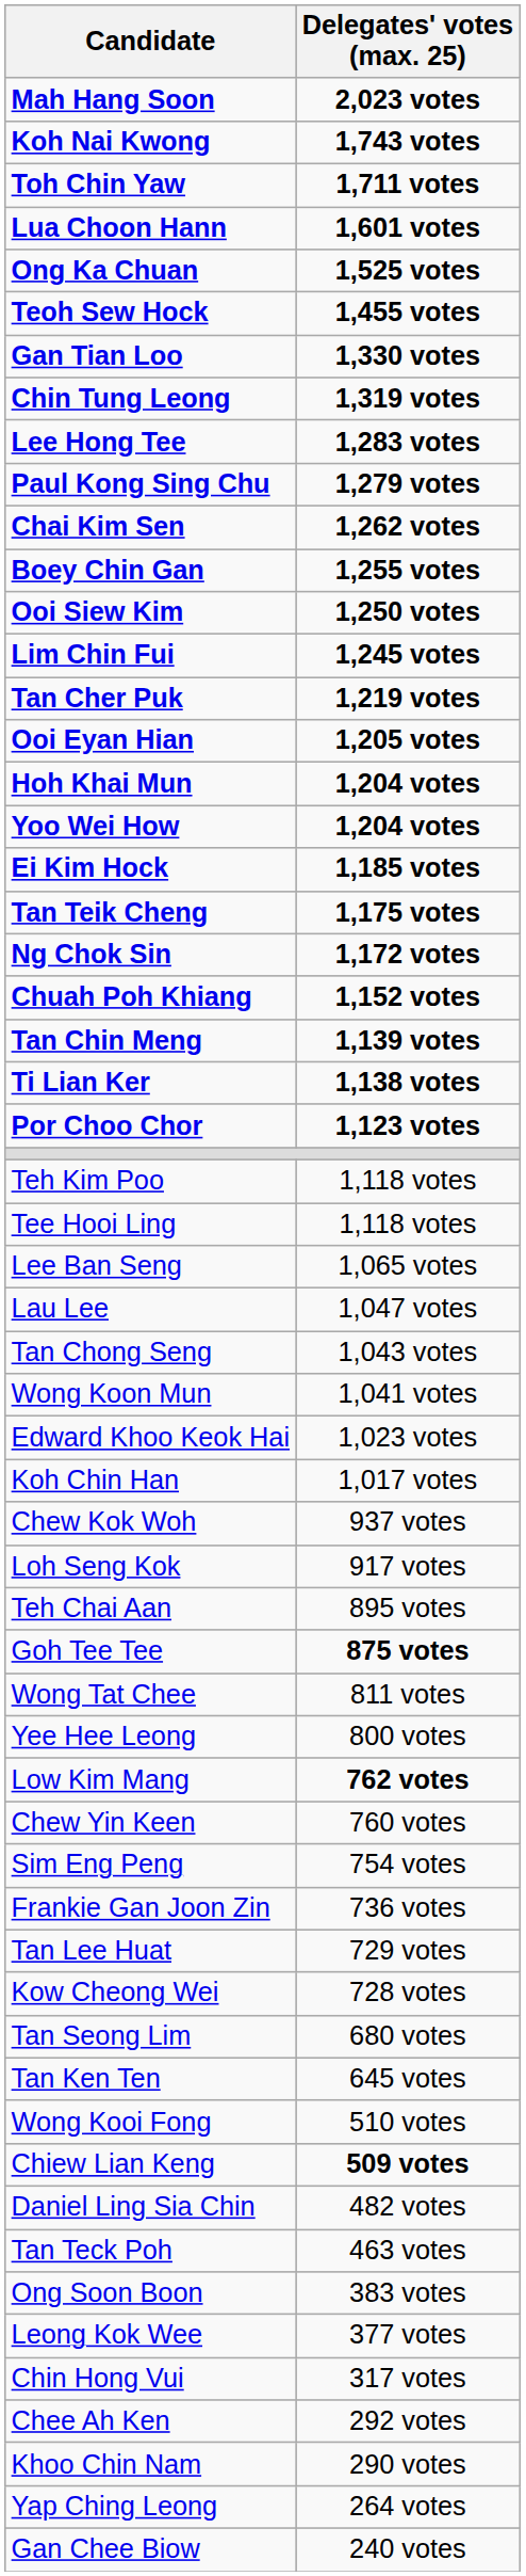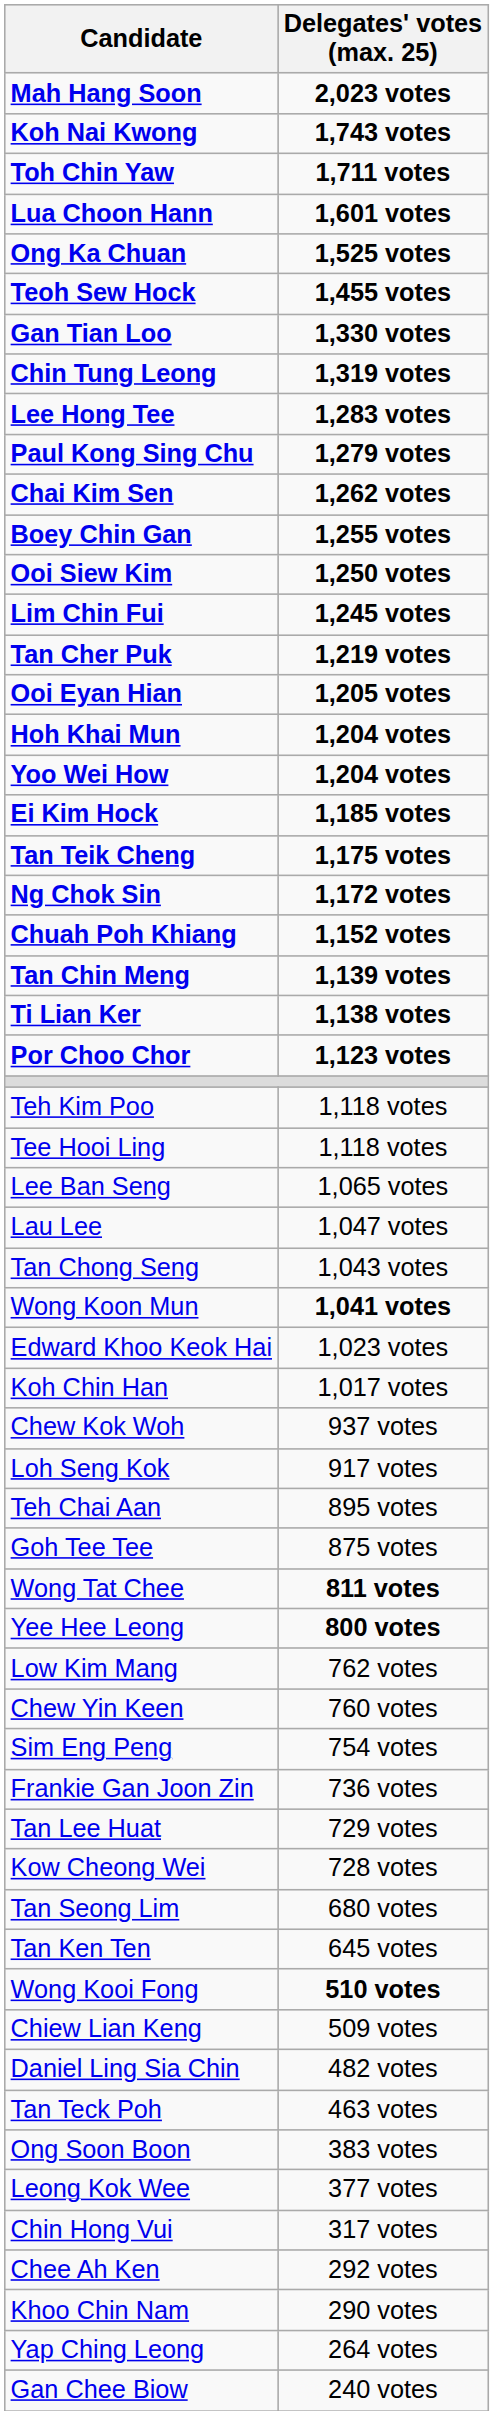 <table class=wikitable style=text-align:center>
 <tr>
 <th>Candidate</th>
 <th>Delegates' votes<br>(max. 25)</th>
 </tr>
 <tr>
 <td align=left><strong><a href='#'>Mah Hang Soon</a></strong></td>
 <td><strong>2,023 votes</strong></td>
 </tr>
 <tr>
 <td align=left><strong><a href='#'>Koh Nai Kwong</a></strong></td>
 <td><strong>1,743 votes</strong></td>
 </tr>
 <tr>
 <td align=left><strong><a href='#'>Toh Chin Yaw</a></strong></td>
 <td><strong>1,711 votes</strong></td>
 </tr>
 <tr>
 <td align=left><strong><a href='#'>Lua Choon Hann</a></strong></td>
 <td><strong>1,601 votes</strong></td>
 </tr>
 <tr>
 <td align=left><strong><a href='#'>Ong Ka Chuan</a></strong></td>
 <td><strong>1,525 votes</strong></td>
 </tr>
 <tr>
 <td align=left><strong><a href='#'>Teoh Sew Hock</a></strong></td>
 <td><strong>1,455 votes</strong></td>
 </tr>
 <tr>
 <td align=left><strong><a href='#'>Gan Tian Loo</a></strong></td>
 <td><strong>1,330 votes</strong></td>
 </tr>
 <tr>
 <td align=left><strong><a href='#'>Chin Tung Leong</a></strong></td>
 <td><strong>1,319 votes</strong></td>
 </tr>
 <tr>
 <td align=left><strong><a href='#'>Lee Hong Tee</a></strong></td>
 <td><strong>1,283 votes</strong></td>
 </tr>
 <tr>
 <td align=left><strong><a href='#'>Paul Kong Sing Chu</a></strong></td>
 <td><strong>1,279 votes</strong></td>
 </tr>
 <tr>
 <td align=left><strong><a href='#'>Chai Kim Sen</a></strong></td>
 <td><strong>1,262 votes</strong></td>
 </tr>
 <tr>
 <td align=left><strong><a href='#'>Boey Chin Gan</a></strong></td>
 <td><strong>1,255 votes</strong></td>
 </tr>
 <tr>
 <td align=left><strong><a href='#'>Ooi Siew Kim</a></strong></td>
 <td><strong>1,250 votes</strong></td>
 </tr>
 <tr>
 <td align=left><strong><a href='#'>Lim Chin Fui</a></strong></td>
 <td><strong>1,245 votes</strong></td>
 </tr>
 <tr>
 <td align=left><strong><a href='#'>Tan Cher Puk</a></strong></td>
 <td><strong>1,219 votes</strong></td>
 </tr>
 <tr>
 <td align=left><strong><a href='#'>Ooi Eyan Hian</a></strong></td>
 <td><strong>1,205 votes</strong></td>
 </tr>
 <tr>
 <td align=left><strong><a href='#'>Hoh Khai Mun</a></strong></td>
 <td><strong>1,204 votes</strong></td>
 </tr>
 <tr>
 <td align=left><strong><a href='#'>Yoo Wei How</a></strong></td>
 <td><strong>1,204 votes</strong></td>
 </tr>
 <tr>
 <td align=left><strong><a href='#'>Ei Kim Hock</a></strong></td>
 <td><strong>1,185 votes</strong></td>
 </tr>
 <tr>
 <td align=left><strong><a href='#'>Tan Teik Cheng</a></strong></td>
 <td><strong>1,175 votes</strong></td>
 </tr>
 <tr>
 <td align=left><strong><a href='#'>Ng Chok Sin</a></strong></td>
 <td><strong>1,172 votes</strong></td>
 </tr>
 <tr>
 <td align=left><strong><a href='#'>Chuah Poh Khiang</a></strong></td>
 <td><strong>1,152 votes</strong></td>
 </tr>
 <tr>
 <td align=left><strong><a href='#'>Tan Chin Meng</a></strong></td>
 <td><strong>1,139 votes</strong></td>
 </tr>
 <tr>
 <td align=left><strong><a href='#'>Ti Lian Ker</a></strong></td>
 <td><strong>1,138 votes</strong></td>
 </tr>
 <tr>
 <td align=left><strong><a href='#'>Por Choo Chor</a></strong></td>
 <td><strong>1,123 votes</strong></td>
 </tr>
 <tr>
 <td colspan=3 bgcolor=dcdcdc></td>
 </tr>
 <tr>
 <td align=left><a href='#'>Teh Kim Poo</a></td>
 <td>1,118 votes</td>
 </tr>
 <tr>
 <td align=left><a href='#'>Tee Hooi Ling</a></td>
 <td>1,118 votes</td>
 </tr>
 <tr>
 <td align=left><a href='#'>Lee Ban Seng</a></td>
 <td>1,065 votes</td>
 </tr>
 <tr>
 <td align=left><a href='#'>Lau Lee</a></td>
 <td>1,047 votes</td>
 </tr>
 <tr>
 <td align=left><a href='#'>Tan Chong Seng</a></td>
 <td>1,043 votes</td>
 </tr>
 <tr>
 <td align=left><a href='#'>Wong Koon Mun</a></td>
-<td>1,041 votes</td>
+<td><strong>1,041 votes</strong></td>
 </tr>
 <tr>
 <td align=left><a href='#'>Edward Khoo Keok Hai</a></td>
 <td>1,023 votes</td>
 </tr>
 <tr>
 <td align=left><a href='#'>Koh Chin Han</a></td>
 <td>1,017 votes</td>
 </tr>
 <tr>
 <td align=left><a href='#'>Chew Kok Woh</a></td>
 <td>937 votes</td>
 </tr>
 <tr>
 <td align=left><a href='#'>Loh Seng Kok</a></td>
 <td>917 votes</td>
 </tr>
 <tr>
 <td align=left><a href='#'>Teh Chai Aan</a></td>
 <td>895 votes</td>
 </tr>
 <tr>
 <td align=left><a href='#'>Goh Tee Tee</a></td>
-<td><strong>875 votes</strong></td>
+<td>875 votes</td>
 </tr>
 <tr>
 <td align=left><a href='#'>Wong Tat Chee</a></td>
-<td>811 votes</td>
+<td><strong>811 votes</strong></td>
 </tr>
 <tr>
 <td align=left><a href='#'>Yee Hee Leong</a></td>
-<td>800 votes</td>
+<td><strong>800 votes</strong></td>
 </tr>
 <tr>
 <td align=left><a href='#'>Low Kim Mang</a></td>
-<td><strong>762 votes</strong></td>
+<td>762 votes</td>
 </tr>
 <tr>
 <td align=left><a href='#'>Chew Yin Keen</a></td>
 <td>760 votes</td>
 </tr>
 <tr>
 <td align=left><a href='#'>Sim Eng Peng</a></td>
 <td>754 votes</td>
 </tr>
 <tr>
 <td align=left><a href='#'>Frankie Gan Joon Zin</a></td>
 <td>736 votes</td>
 </tr>
 <tr>
 <td align=left><a href='#'>Tan Lee Huat</a></td>
 <td>729 votes</td>
 </tr>
 <tr>
 <td align=left><a href='#'>Kow Cheong Wei</a></td>
 <td>728 votes</td>
 </tr>
 <tr>
 <td align=left><a href='#'>Tan Seong Lim</a></td>
 <td>680 votes</td>
 </tr>
 <tr>
 <td align=left><a href='#'>Tan Ken Ten</a></td>
 <td>645 votes</td>
 </tr>
 <tr>
 <td align=left><a href='#'>Wong Kooi Fong</a></td>
-<td>510 votes</td>
+<td><strong>510 votes</strong></td>
 </tr>
 <tr>
 <td align=left><a href='#'>Chiew Lian Keng</a></td>
-<td><strong>509 votes</strong></td>
+<td>509 votes</td>
 </tr>
 <tr>
 <td align=left><a href='#'>Daniel Ling Sia Chin</a></td>
 <td>482 votes</td>
 </tr>
 <tr>
 <td align=left><a href='#'>Tan Teck Poh</a></td>
 <td>463 votes</td>
 </tr>
 <tr>
 <td align=left><a href='#'>Ong Soon Boon</a></td>
 <td>383 votes</td>
 </tr>
 <tr>
 <td align=left><a href='#'>Leong Kok Wee</a></td>
 <td>377 votes</td>
 </tr>
 <tr>
 <td align=left><a href='#'>Chin Hong Vui</a></td>
 <td>317 votes</td>
 </tr>
 <tr>
 <td align=left><a href='#'>Chee Ah Ken</a></td>
 <td>292 votes</td>
 </tr>
 <tr>
 <td align=left><a href='#'>Khoo Chin Nam</a></td>
 <td>290 votes</td>
 </tr>
 <tr>
 <td align=left><a href='#'>Yap Ching Leong</a></td>
 <td>264 votes</td>
 </tr>
 <tr>
 <td align=left><a href='#'>Gan Chee Biow</a></td>
 <td>240 votes</td>
 </tr>
 </table>
